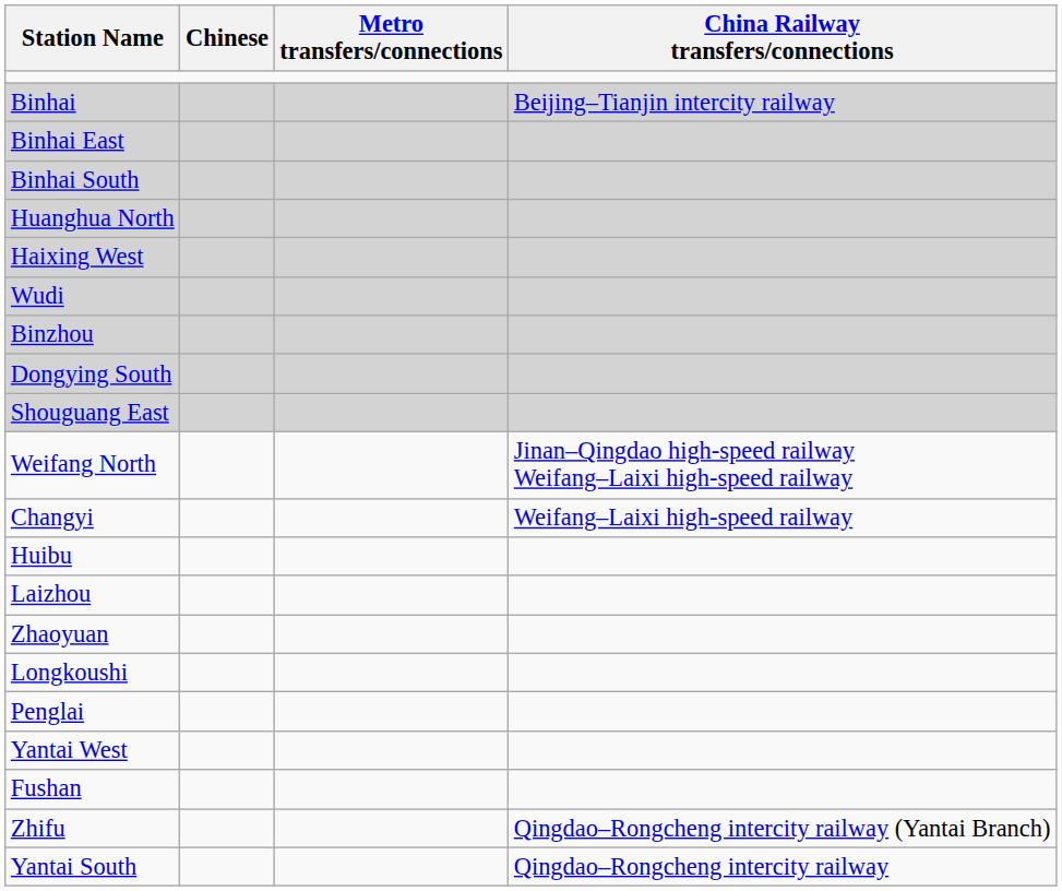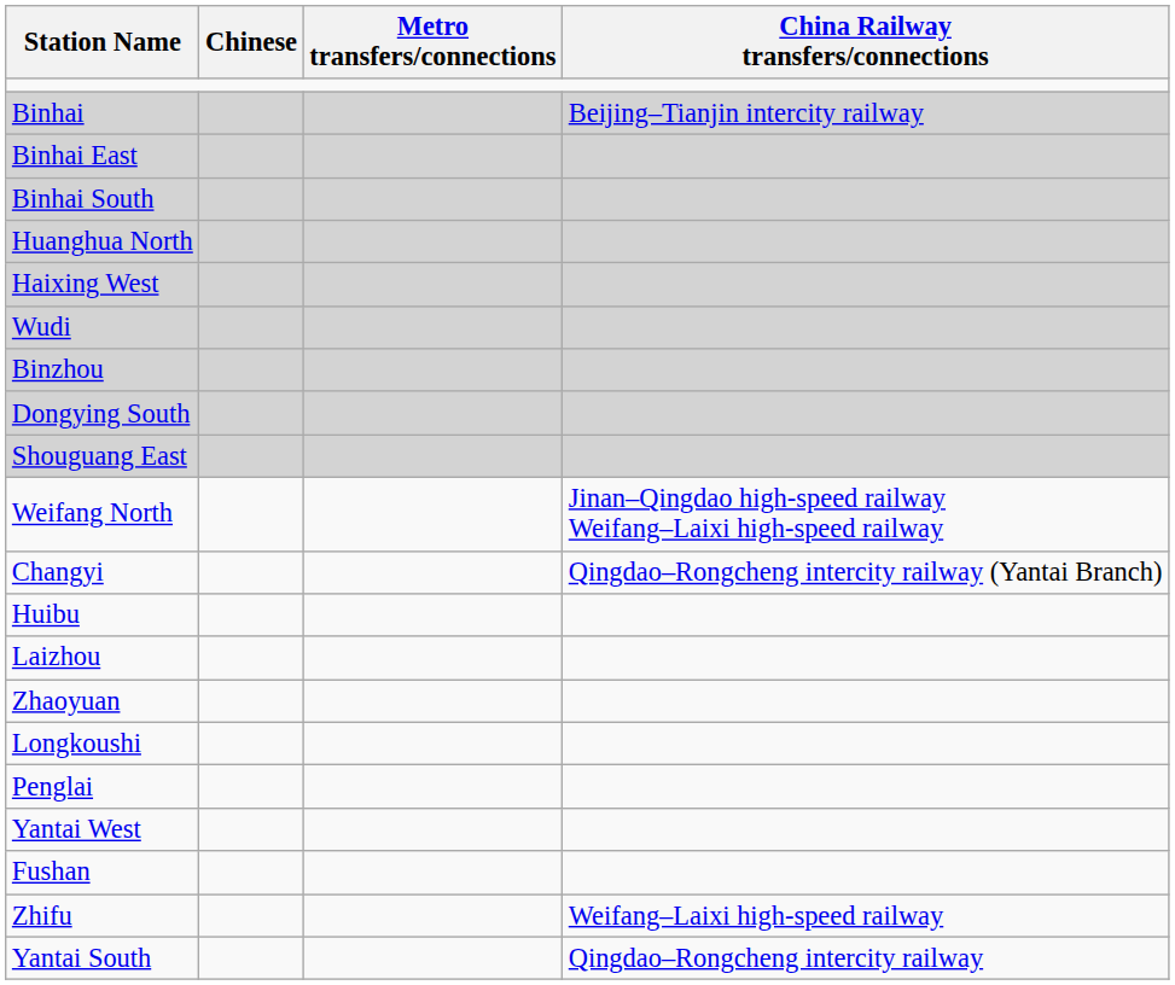 <table class="wikitable">
 <tr>
 <th>Station Name</th>
 <th>Chinese<br></th>
 <th><a href='#'>Metro</a><br>transfers/connections</th>
 <th><a href='#'>China Railway</a><br>transfers/connections<br></th>
 </tr>
 <tr style="background:#">
 <td colspan = "11"></td>
 </tr>
 <tr bgcolor="lightgrey">
 <td><a href='#'>Binhai</a></td>
 <td></td>
 <td></td>
 <td><a href='#'>Beijing–Tianjin intercity railway</a></td>
 </tr>
 <tr bgcolor="lightgrey">
 <td><a href='#'>Binhai East</a></td>
 <td></td>
 <td></td>
 <td></td>
 </tr>
 <tr bgcolor="lightgrey">
 <td><a href='#'>Binhai South</a></td>
 <td></td>
 <td></td>
 <td></td>
 </tr>
 <tr bgcolor="lightgrey">
 <td><a href='#'>Huanghua North</a></td>
 <td></td>
 <td></td>
 <td></td>
 </tr>
 <tr bgcolor="lightgrey">
 <td><a href='#'>Haixing West</a></td>
 <td></td>
 <td></td>
 <td></td>
 </tr>
 <tr bgcolor="lightgrey">
 <td><a href='#'>Wudi</a></td>
 <td></td>
 <td></td>
 <td></td>
 </tr>
 <tr bgcolor="lightgrey">
 <td><a href='#'>Binzhou</a></td>
 <td></td>
 <td></td>
 <td></td>
 </tr>
 <tr bgcolor="lightgrey">
 <td><a href='#'>Dongying South</a></td>
 <td></td>
 <td></td>
 <td></td>
 </tr>
 <tr bgcolor="lightgrey">
 <td><a href='#'>Shouguang East</a></td>
 <td></td>
 <td></td>
 <td></td>
 </tr>
 <tr>
 <td><a href='#'>Weifang North</a></td>
 <td></td>
 <td></td>
 <td><a href='#'>Jinan–Qingdao high-speed railway</a><br><a href='#'>Weifang–Laixi high-speed railway</a></td>
 </tr>
 <tr>
 <td><a href='#'>Changyi</a></td>
 <td></td>
 <td></td>
-<td><a href='#'>Weifang–Laixi high-speed railway</a></td>
+<td><a href='#'>Qingdao–Rongcheng intercity railway</a> (Yantai Branch)</td>
 </tr>
 <tr>
 <td><a href='#'>Huibu</a></td>
 <td></td>
 <td></td>
 <td></td>
 </tr>
 <tr>
 <td><a href='#'>Laizhou</a></td>
 <td></td>
 <td></td>
 <td></td>
 </tr>
 <tr>
 <td><a href='#'>Zhaoyuan</a></td>
 <td></td>
 <td></td>
 <td></td>
 </tr>
 <tr>
 <td><a href='#'>Longkoushi</a></td>
 <td></td>
 <td></td>
 <td></td>
 </tr>
 <tr>
 <td><a href='#'>Penglai</a></td>
 <td></td>
 <td></td>
 <td></td>
 </tr>
 <tr>
 <td><a href='#'>Yantai West</a></td>
 <td></td>
 <td></td>
 <td></td>
 </tr>
 <tr>
 <td><a href='#'>Fushan</a></td>
 <td></td>
 <td></td>
 <td></td>
 </tr>
 <tr>
 <td><a href='#'>Zhifu</a></td>
 <td></td>
 <td></td>
-<td><a href='#'>Qingdao–Rongcheng intercity railway</a> (Yantai Branch)</td>
+<td><a href='#'>Weifang–Laixi high-speed railway</a></td>
 </tr>
 <tr>
 <td><a href='#'>Yantai South</a></td>
 <td></td>
 <td></td>
 <td><a href='#'>Qingdao–Rongcheng intercity railway</a></td>
 </tr>
 </table>
